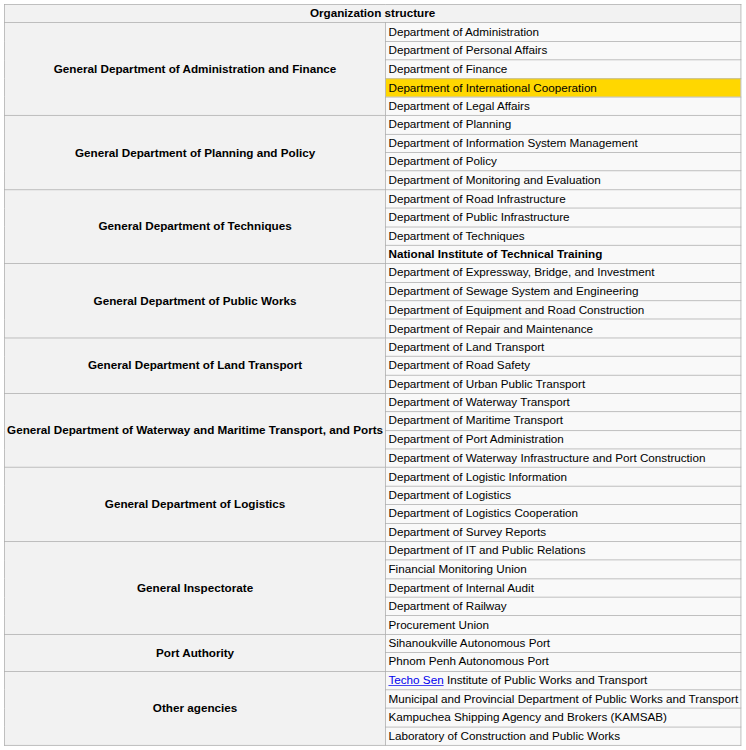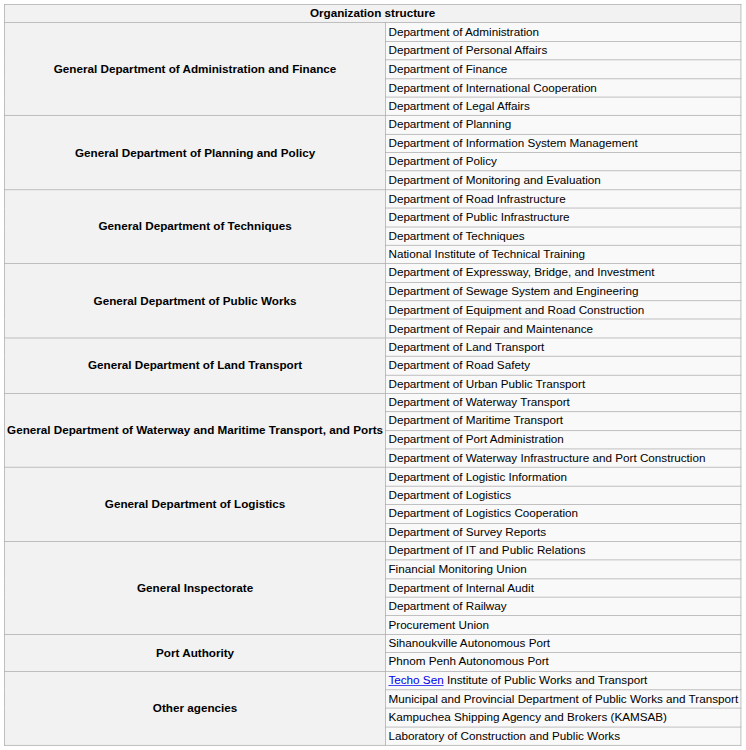 <table class="wikitable sortable">
 <tr>
 <th scope="col" colspan="2">Organization structure</th>
 </tr>
 <tr>
 <th rowspan="5">General Department of Administration and Finance</th>
 <td>Department of Administration</td>
 </tr>
 <tr>
 <td>Department of Personal Affairs</td>
 </tr>
 <tr>
 <td>Department of Finance</td>
 </tr>
 <tr>
-<td style="background: gold;">Department of International Cooperation</td>
+<td>Department of International Cooperation</td>
 </tr>
 <tr>
 <td>Department of Legal Affairs</td>
 </tr>
 <tr>
 <th rowspan="4">General Department of Planning and Policy</th>
 <td>Department of Planning</td>
 </tr>
 <tr>
 <td>Department of Information System Management</td>
 </tr>
 <tr>
 <td>Department of Policy</td>
 </tr>
 <tr>
 <td>Department of Monitoring and Evaluation</td>
 </tr>
 <tr>
 <th rowspan="4">General Department of Techniques</th>
 <td>Department of Road Infrastructure</td>
 </tr>
 <tr>
 <td>Department of Public Infrastructure</td>
 </tr>
 <tr>
 <td>Department of Techniques</td>
 </tr>
 <tr>
-<td><strong>National Institute of Technical Training</strong></td>
+<td>National Institute of Technical Training</td>
 </tr>
 <tr>
 <th rowspan="4">General Department of Public Works</th>
 <td>Department of Expressway, Bridge, and Investment</td>
 </tr>
 <tr>
 <td>Department of Sewage System and Engineering</td>
 </tr>
 <tr>
 <td>Department of Equipment and Road Construction</td>
 </tr>
 <tr>
 <td>Department of Repair and Maintenance</td>
 </tr>
 <tr>
 <th rowspan="3">General Department of Land Transport</th>
 <td>Department of Land Transport</td>
 </tr>
 <tr>
 <td>Department of Road Safety</td>
 </tr>
 <tr>
 <td>Department of Urban Public Transport</td>
 </tr>
 <tr>
 <th rowspan="4">General Department of Waterway and Maritime Transport, and Ports</th>
 <td>Department of Waterway Transport</td>
 </tr>
 <tr>
 <td>Department of Maritime Transport</td>
 </tr>
 <tr>
 <td>Department of Port Administration</td>
 </tr>
 <tr>
 <td>Department of Waterway Infrastructure and Port Construction</td>
 </tr>
 <tr>
 <th rowspan="4">General Department of Logistics</th>
 <td>Department of Logistic Information</td>
 </tr>
 <tr>
 <td>Department of Logistics</td>
 </tr>
 <tr>
 <td>Department of Logistics Cooperation</td>
 </tr>
 <tr>
 <td>Department of Survey Reports</td>
 </tr>
 <tr>
 <th rowspan="5">General Inspectorate</th>
 <td>Department of IT and Public Relations</td>
 </tr>
 <tr>
 <td>Financial Monitoring Union</td>
 </tr>
 <tr>
 <td>Department of Internal Audit</td>
 </tr>
 <tr>
 <td>Department of Railway</td>
 </tr>
 <tr>
 <td>Procurement Union</td>
 </tr>
 <tr>
 <th rowspan="2">Port Authority</th>
 <td>Sihanoukville Autonomous Port</td>
 </tr>
 <tr>
 <td>Phnom Penh Autonomous Port</td>
 </tr>
 <tr>
 <th rowspan="4">Other agencies</th>
 <td><a href='#'>Techo Sen</a> Institute of Public Works and Transport</td>
 </tr>
 <tr>
 <td>Municipal and Provincial Department of Public Works and Transport</td>
 </tr>
 <tr>
 <td>Kampuchea Shipping Agency and Brokers (KAMSAB)</td>
 </tr>
 <tr>
 <td>Laboratory of Construction and Public Works</td>
 </tr>
 </table>
